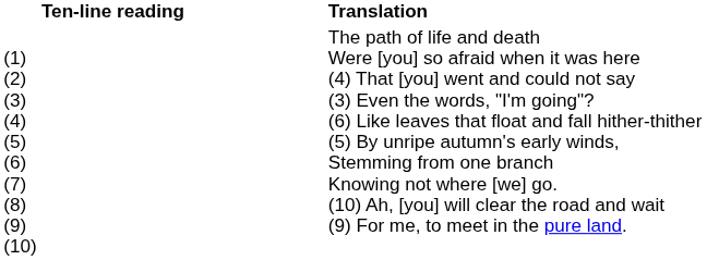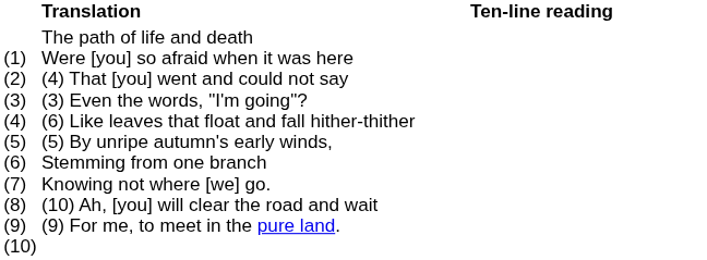 <table>
 <tr>
 <th style="text-align:left;" width="5%"></th>
+<th style="text-align:left;" width="60%">Translation</th>
 <th style="text-align:left;" width="40%">Ten-line reading</th>
-<th style="text-align:left;" width="60%">Translation</th>
 </tr>
 <tr valign=top>
 <td><br>(1)<br>(2)<br>(3)<br>(4)<br>(5)<br>(6)<br>(7)<br>(8)<br>(9)<br>(10)</td>
+<td>The path of life and death<br>Were [you] so afraid when it was here<br>(4) That [you] went and could not say<br>(3) Even the words, "I'm going"?<br>(6) Like leaves that float and fall hither-thither<br>(5) By unripe autumn's early winds,<br>Stemming from one branch<br>Knowing not where [we] go.<br>(10) Ah, [you] will clear the road and wait<br>(9) For me, to meet in the <a href='#'>pure land</a>.</td>
 <td></td>
-<td>The path of life and death<br>Were [you] so afraid when it was here<br>(4) That [you] went and could not say<br>(3) Even the words, "I'm going"?<br>(6) Like leaves that float and fall hither-thither<br>(5) By unripe autumn's early winds,<br>Stemming from one branch<br>Knowing not where [we] go.<br>(10) Ah, [you] will clear the road and wait<br>(9) For me, to meet in the <a href='#'>pure land</a>.</td>
 </tr>
 </table>
